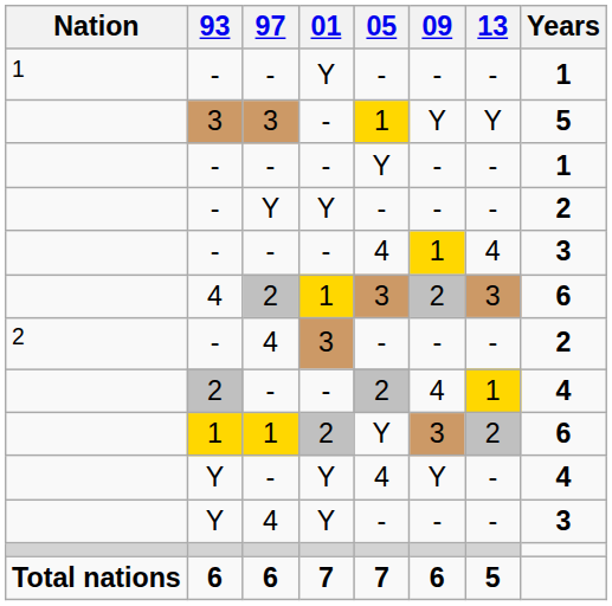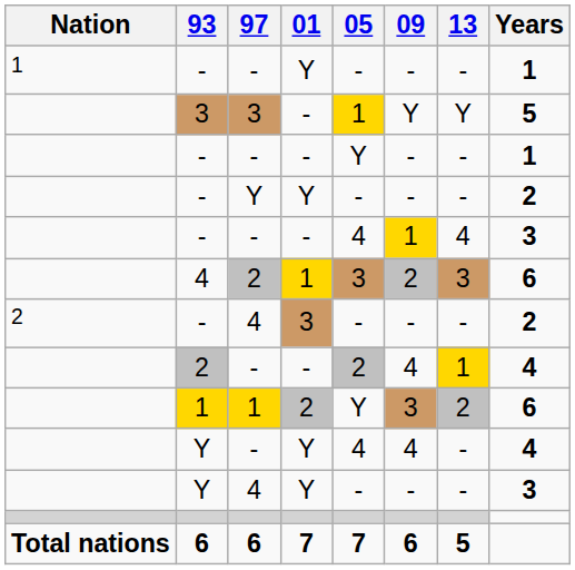 <table class="wikitable" style="text-align:center">
 <tr>
 <th>Nation</th>
 <th width=25><a href='#'>93</a></th>
 <th width=25><a href='#'>97</a></th>
 <th width=25><a href='#'>01</a></th>
 <th width=25><a href='#'>05</a></th>
 <th width=25><a href='#'>09</a></th>
 <th width=25><a href='#'>13</a></th>
 <th>Years</th>
 </tr>
 <tr>
 <td align=left><sup>1</sup></td>
 <td>-</td>
 <td>-</td>
 <td>Y</td>
 <td>-</td>
 <td>-</td>
 <td>-</td>
 <td><strong>1</strong></td>
 </tr>
 <tr>
 <td align=left></td>
 <td bgcolor=cc9966>3</td>
 <td bgcolor=cc9966>3</td>
 <td>-</td>
 <td bgcolor=gold>1</td>
 <td>Y</td>
 <td>Y</td>
 <td><strong>5</strong></td>
 </tr>
 <tr>
 <td align=left></td>
 <td>-</td>
 <td>-</td>
 <td>-</td>
 <td>Y</td>
 <td>-</td>
 <td>-</td>
 <td><strong>1</strong></td>
 </tr>
 <tr>
 <td align=left></td>
 <td>-</td>
 <td>Y</td>
 <td>Y</td>
 <td>-</td>
 <td>-</td>
 <td>-</td>
 <td><strong>2</strong></td>
 </tr>
 <tr>
 <td align=left></td>
 <td>-</td>
 <td>-</td>
 <td>-</td>
 <td>4</td>
 <td bgcolor=gold>1</td>
 <td>4</td>
 <td><strong>3</strong></td>
 </tr>
 <tr>
 <td align=left></td>
 <td>4</td>
 <td bgcolor=silver>2</td>
 <td bgcolor=gold>1</td>
 <td bgcolor=cc9966>3</td>
 <td bgcolor=silver>2</td>
 <td bgcolor=cc9966>3</td>
 <td><strong>6</strong></td>
 </tr>
 <tr>
 <td align=left><sup>2</sup></td>
 <td>-</td>
 <td>4</td>
 <td bgcolor=cc9966>3</td>
 <td>-</td>
 <td>-</td>
 <td>-</td>
 <td><strong>2</strong></td>
 </tr>
 <tr>
 <td align=left></td>
 <td bgcolor=silver>2</td>
 <td>-</td>
 <td>-</td>
 <td bgcolor=silver>2</td>
 <td>4</td>
 <td bgcolor=gold>1</td>
 <td><strong>4</strong></td>
 </tr>
 <tr>
 <td align=left></td>
 <td bgcolor=gold>1</td>
 <td bgcolor=gold>1</td>
 <td bgcolor=silver>2</td>
 <td>Y</td>
 <td bgcolor=cc9966>3</td>
 <td bgcolor=silver>2</td>
 <td><strong>6</strong></td>
 </tr>
 <tr>
 <td align=left></td>
 <td>Y</td>
 <td>-</td>
 <td>Y</td>
 <td>4</td>
-<td>Y</td>
+<td>4</td>
 <td>-</td>
 <td><strong>4</strong></td>
 </tr>
 <tr>
 <td align=left></td>
 <td>Y</td>
 <td>4</td>
 <td>Y</td>
 <td>-</td>
 <td>-</td>
 <td>-</td>
 <td><strong>3</strong></td>
 </tr>
 <tr bgcolor=lightgray>
 <td></td>
 <td></td>
 <td></td>
 <td></td>
 <td></td>
 <td></td>
 <td></td>
 </tr>
 <tr>
 <td align=left><strong>Total nations</strong></td>
 <td><strong>6</strong></td>
 <td><strong>6</strong></td>
 <td><strong>7</strong></td>
 <td><strong>7</strong></td>
 <td><strong>6</strong></td>
 <td><strong>5</strong></td>
 <td></td>
 </tr>
 </table>
